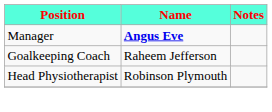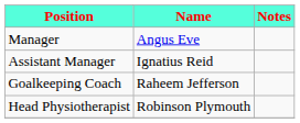 <table class="wikitable">
 <tr>
 <th style="color:#FF0000;background:#55FFDB">Position</th>
 <th style="color:#FF0000;background:#55FFDB">Name</th>
 <th style="color:#FF0000;background:#55FFDB">Notes</th>
 </tr>
 <tr>
 <td>Manager</td>
-<td><strong> <a href='#'>Angus Eve</a></strong></td>
+<td> <a href='#'>Angus Eve</a></td>
+<td></td>
+</tr>
+<tr>
+<td>Assistant Manager</td>
+<td> Ignatius Reid</td>
 <td></td>
 </tr>
 <tr>
 <td>Goalkeeping Coach</td>
 <td> Raheem Jefferson</td>
 <td></td>
 </tr>
 <tr>
 <td>Head Physiotherapist</td>
 <td> Robinson Plymouth</td>
 <td></td>
 </tr>
 <tr>
 </tr>
 </table>
